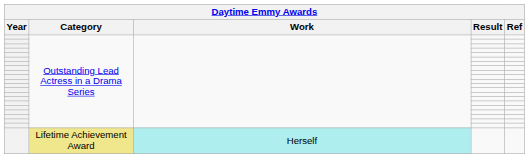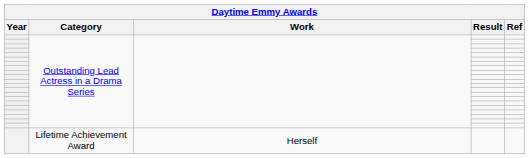 <table class="wikitable sortable plainrowheaders">
 <tr>
 <th colspan="5" style="text-align:center;"><a href='#'>Daytime Emmy Awards</a></th>
 </tr>
 <tr>
 <th scope="col" style="width:0.5%;">Year</th>
 <th scope="col" style="width:20%;">Category</th>
 <th scope="col" style="width;">Work</th>
 <th scope="col" style="width:1%;">Result</th>
 <th scope="col" style="width:0.5%;">Ref</th>
 </tr>
 <tr>
 <th scope="row"></th>
 <td rowspan=21 style="text-align:center"><a href='#'>Outstanding Lead Actress in a Drama Series</a></td>
 <td rowspan=21 style="text-align:center"></td>
 <td></td>
 <td></td>
 </tr>
 <tr>
 <th scope="row"></th>
 <td></td>
 <td></td>
 </tr>
 <tr>
 <th scope="row"></th>
 <td></td>
 <td></td>
 </tr>
 <tr>
 <th scope="row"></th>
 <td></td>
 <td></td>
 </tr>
 <tr>
 <th scope="row"></th>
 <td></td>
 <td></td>
 </tr>
 <tr>
 <th scope="row"></th>
 <td></td>
 <td></td>
 </tr>
 <tr>
 <th scope="row"></th>
 <td></td>
 <td></td>
 </tr>
 <tr>
 <th scope="row"></th>
 <td></td>
 <td></td>
 </tr>
 <tr>
 <th scope="row"></th>
 <td></td>
 <td></td>
 </tr>
 <tr>
 <th scope="row"></th>
 <td></td>
 <td></td>
 </tr>
 <tr>
 <th scope="row"></th>
 <td></td>
 <td></td>
 </tr>
 <tr>
 <th scope="row"></th>
 <td></td>
 <td></td>
 </tr>
 <tr>
 <th scope="row"></th>
 <td></td>
 <td></td>
 </tr>
 <tr>
 <th scope="row"></th>
 <td></td>
 <td></td>
 </tr>
 <tr>
 <th scope="row"></th>
 <td></td>
 <td></td>
 </tr>
 <tr>
 <th scope="row"></th>
 <td></td>
 <td></td>
 </tr>
 <tr>
 <th scope="row"></th>
 <td></td>
 <td></td>
 </tr>
 <tr>
 <th scope="row"></th>
 <td></td>
 <td></td>
 </tr>
 <tr>
 <th scope="row"></th>
 <td></td>
 <td></td>
 </tr>
 <tr>
 <th scope="row"></th>
 <td></td>
 <td></td>
 </tr>
 <tr>
 <th scope="row"></th>
 <td></td>
 <td></td>
 </tr>
 <tr>
 <th scope="row"></th>
-<td style="background: khaki; text-align:center">Lifetime Achievement Award</td>
-<td style="background: paleturquoise; text-align:center">Herself</td>
+<td style="text-align:center">Lifetime Achievement Award</td>
+<td style="text-align:center">Herself</td>
 <td></td>
 </tr>
 </table>
